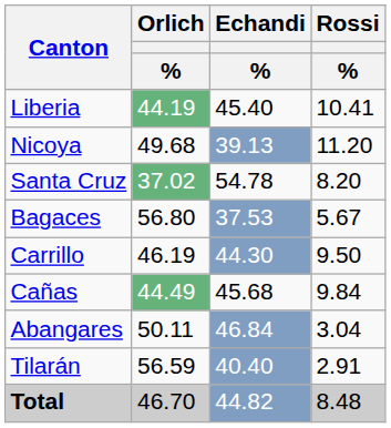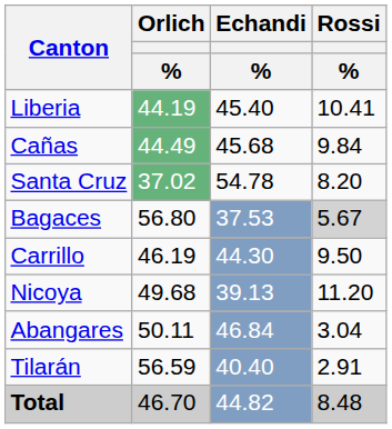 <table class="wikitable mw-collapsible mw-collapsed">
 <tr>
 <th rowspan="3"><a href='#'>Canton</a></th>
 <th colspan="1" width="40px">Orlich</th>
 <th colspan="1" width="40px">Echandi</th>
 <th colspan="1" width="40px">Rossi</th>
 </tr>
 <tr>
 <th style="background:"></th>
 <th style="background:"></th>
 <th style="background:"></th>
 </tr>
 <tr>
 <th data-sort-type="number">%</th>
 <th data-sort-type="number">%</th>
 <th data-sort-type="number">%</th>
 </tr>
 <tr>
 <td align="left"><a href='#'>Liberia</a></td>
 <td style="background:#66B27B; color:white;">44.19</td>
 <td style="background:">45.40</td>
 <td>10.41</td>
 </tr>
 <tr>
-<td align="left"><a href='#'>Nicoya</a></td>
-<td style="background:">49.68</td>
-<td style="background:#809ec1; color:white;">39.13</td>
-<td>11.20</td>
+<td align="left"><a href='#'>Cañas</a></td>
+<td style="background:#66B27B; color:white;">44.49</td>
+<td style="background:">45.68</td>
+<td>9.84</td>
 </tr>
 <tr>
 <td align="left"><a href='#'>Santa Cruz</a></td>
 <td style="background:#66B27B; color:white;">37.02</td>
 <td style="background:">54.78</td>
 <td>8.20</td>
 </tr>
 <tr>
 <td align="left"><a href='#'>Bagaces</a></td>
 <td style="background:">56.80</td>
 <td style="background:#809ec1; color:white;">37.53</td>
-<td>5.67</td>
+<td style="background: lightgrey;">5.67</td>
 </tr>
 <tr>
 <td align="left"><a href='#'>Carrillo</a></td>
 <td style="background:">46.19</td>
 <td style="background:#809ec1; color:white;">44.30</td>
 <td>9.50</td>
 </tr>
 <tr>
-<td align="left"><a href='#'>Cañas</a></td>
-<td style="background:#66B27B; color:white;">44.49</td>
-<td style="background:">45.68</td>
-<td>9.84</td>
+<td align="left"><a href='#'>Nicoya</a></td>
+<td style="background:">49.68</td>
+<td style="background:#809ec1; color:white;">39.13</td>
+<td>11.20</td>
 </tr>
 <tr>
 <td align="left"><a href='#'>Abangares</a></td>
 <td style="background:">50.11</td>
 <td style="background:#809ec1; color:white;">46.84</td>
 <td>3.04</td>
 </tr>
 <tr>
 <td align="left"><a href='#'>Tilarán</a></td>
 <td style="background:">56.59</td>
 <td style="background:#809ec1; color:white;">40.40</td>
 <td>2.91</td>
 </tr>
 <tr style="background:#CDCDCD;">
 <td align="left"><strong>Total</strong></td>
 <td style="background:">46.70</td>
 <td style="background:#809ec1; color:white;">44.82</td>
 <td>8.48</td>
 </tr>
 </table>
